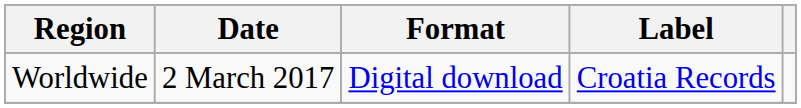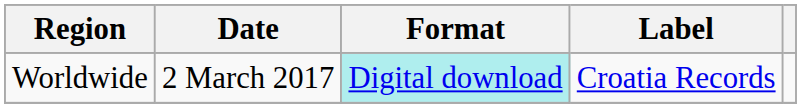 <table class=wikitable>
 <tr>
 <th>Region</th>
 <th>Date</th>
 <th>Format</th>
 <th>Label</th>
 <th></th>
 </tr>
 <tr>
 <td>Worldwide</td>
 <td>2 March 2017</td>
-<td><a href='#'>Digital download</a></td>
+<td style="background: paleturquoise;"><a href='#'>Digital download</a></td>
 <td><a href='#'>Croatia Records</a></td>
 <td></td>
 </tr>
 <tr>
 </tr>
 </table>
